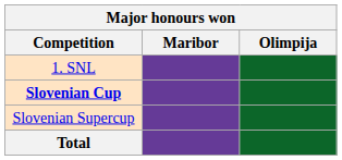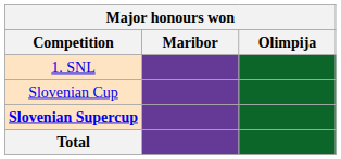 <table class="wikitable" style="text-align:center;font-size:95%">
 <tr>
 <th colspan=3>Major honours won</th>
 </tr>
 <tr>
 <th width="130">Competition</th>
 <th width="90">Maribor</th>
 <th width="90">Olimpija</th>
 </tr>
 <tr>
 <td bgcolor=#FFE4C4><a href='#'>1. SNL</a></td>
 <td style="background-color:#653A97"></td>
 <td style="background-color:#0C6629"></td>
 </tr>
 <tr>
-<td bgcolor=#FFE4C4><strong><a href='#'>Slovenian Cup</a></strong></td>
+<td bgcolor=#FFE4C4><a href='#'>Slovenian Cup</a></td>
 <td style="background-color:#653A97"></td>
 <td style="background-color:#0C6629"></td>
 </tr>
 <tr>
-<td bgcolor=#FFE4C4><a href='#'>Slovenian Supercup</a></td>
+<td bgcolor=#FFE4C4><strong><a href='#'>Slovenian Supercup</a></strong></td>
 <td style="background-color:#653A97"></td>
 <td style="background-color:#0C6629"></td>
 </tr>
 <tr>
 <th>Total</th>
 <td style="background-color:#653A97"></td>
 <td style="background-color:#0C6629"></td>
 </tr>
 </table>
